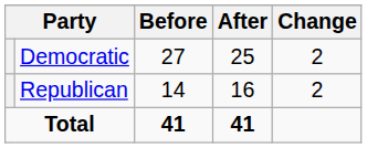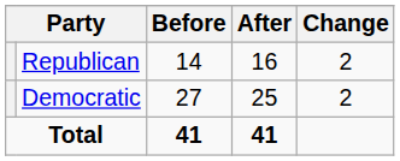 <table class="wikitable" style="text-align:center;">
 <tr>
 </tr>
 <tr>
 <th colspan=2>Party</th>
 <th>Before</th>
 <th>After</th>
 <th>Change</th>
 </tr>
 <tr>
 <th style="background-color:"></th>
-<td style="text-align:left;"><a href='#'>Democratic</a></td>
-<td>27</td>
-<td>25</td>
+<td style="text-align:left;"><a href='#'>Republican</a></td>
+<td>14</td>
+<td>16</td>
 <td> 2</td>
 </tr>
 <tr>
 <th style="background-color:"></th>
-<td style="text-align:left;"><a href='#'>Republican</a></td>
-<td>14</td>
-<td>16</td>
+<td style="text-align:left;"><a href='#'>Democratic</a></td>
+<td>27</td>
+<td>25</td>
 <td> 2</td>
 </tr>
 <tr>
 <td colspan=2><strong>Total</strong></td>
 <td><strong>41</strong></td>
 <td><strong>41</strong></td>
 <td></td>
 </tr>
 </table>
